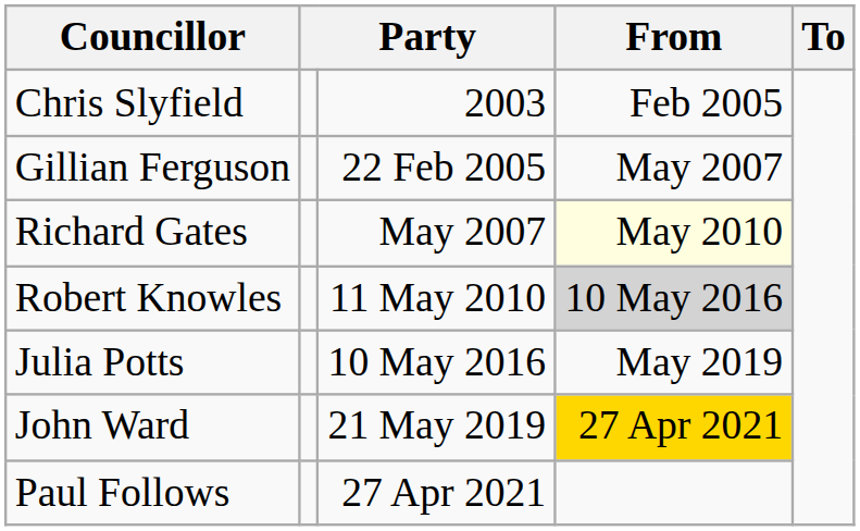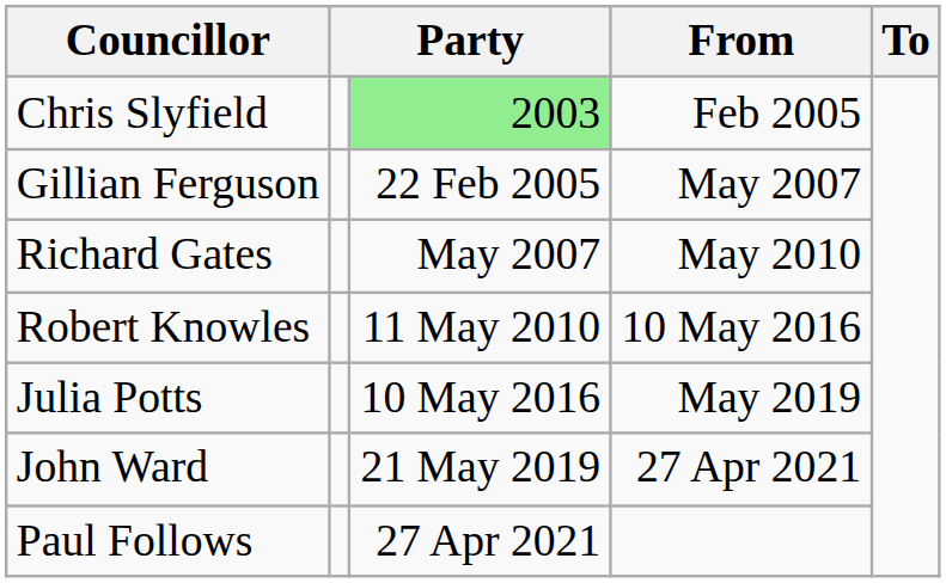 <table class=wikitable>
 <tr>
 <th>Councillor</th>
 <th colspan=2>Party</th>
 <th>From</th>
 <th>To</th>
 </tr>
 <tr>
 <td>Chris Slyfield</td>
 <td></td>
-<td align=right>2003</td>
+<td align=right style="background: lightgreen;">2003</td>
 <td align=right>Feb 2005</td>
 </tr>
 <tr>
 <td>Gillian Ferguson</td>
 <td></td>
 <td align=right>22 Feb 2005</td>
 <td align=right>May 2007</td>
 </tr>
 <tr>
 <td>Richard Gates</td>
 <td></td>
 <td align=right>May 2007</td>
-<td align=right style="background: lightyellow;">May 2010</td>
+<td align=right>May 2010</td>
 </tr>
 <tr>
 <td>Robert Knowles</td>
 <td></td>
 <td align=right>11 May 2010</td>
-<td align=right style="background: lightgrey;">10 May 2016</td>
+<td align=right>10 May 2016</td>
 </tr>
 <tr>
 <td>Julia Potts</td>
 <td></td>
 <td align=right>10 May 2016</td>
 <td align=right>May 2019</td>
 </tr>
 <tr>
 <td>John Ward</td>
 <td></td>
 <td align=right>21 May 2019</td>
-<td align=right style="background: gold;">27 Apr 2021</td>
+<td align=right>27 Apr 2021</td>
 </tr>
 <tr>
 <td>Paul Follows</td>
 <td></td>
 <td align=right>27 Apr 2021</td>
 <td></td>
 </tr>
 </table>
